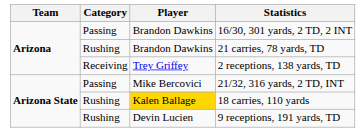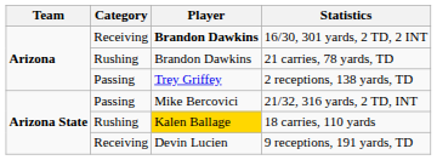 <table class="wikitable" style="float: right;">
 <tr>
 <th>Team</th>
 <th>Category</th>
 <th>Player</th>
 <th>Statistics</th>
 </tr>
 <tr>
 <td rowspan=3><strong>Arizona</strong></td>
-<td>Passing</td>
-<td>Brandon Dawkins</td>
+<td>Receiving</td>
+<td><strong>Brandon Dawkins</strong></td>
 <td>16/30, 301 yards, 2 TD, 2 INT</td>
 </tr>
 <tr>
 <td>Rushing</td>
 <td>Brandon Dawkins</td>
 <td>21 carries, 78 yards, TD</td>
 </tr>
 <tr>
-<td>Receiving</td>
+<td>Passing</td>
 <td><a href='#'>Trey Griffey</a></td>
 <td>2 receptions, 138 yards, TD</td>
 </tr>
 <tr>
 <td rowspan=3><strong>Arizona State</strong></td>
 <td>Passing</td>
 <td>Mike Bercovici</td>
 <td>21/32, 316 yards, 2 TD, INT</td>
 </tr>
 <tr>
 <td>Rushing</td>
 <td style="background: gold;">Kalen Ballage</td>
 <td>18 carries, 110 yards</td>
 </tr>
 <tr>
-<td>Rushing</td>
+<td>Receiving</td>
 <td>Devin Lucien</td>
 <td>9 receptions, 191 yards, TD</td>
 </tr>
 </table>
